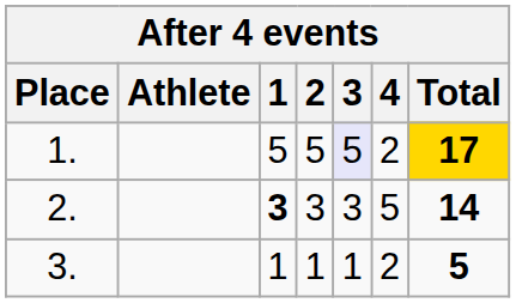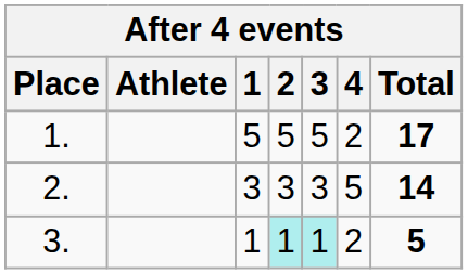 <table class=wikitable style="text-align:center">
 <tr>
 <th colspan=7><strong>After 4 events</strong></th>
 </tr>
 <tr>
 <th>Place</th>
 <th>Athlete</th>
 <th>1</th>
 <th>2</th>
 <th>3</th>
 <th>4</th>
 <th>Total</th>
 </tr>
 <tr>
 <td width=30>1.</td>
 <td align=left></td>
 <td>5</td>
 <td>5</td>
-<td style="background: lavender;">5</td>
+<td>5</td>
 <td>2</td>
-<td style="background: gold;"><strong>17</strong></td>
+<td><strong>17</strong></td>
 </tr>
 <tr>
 <td>2.</td>
 <td align=left></td>
-<td><strong>3</strong></td>
+<td>3</td>
 <td>3</td>
 <td>3</td>
 <td>5</td>
 <td><strong>14</strong></td>
 </tr>
 <tr>
 <td>3.</td>
 <td align=left></td>
 <td>1</td>
-<td>1</td>
-<td>1</td>
+<td style="background: paleturquoise;">1</td>
+<td style="background: paleturquoise;">1</td>
 <td>2</td>
 <td><strong>5</strong></td>
 </tr>
 </table>
